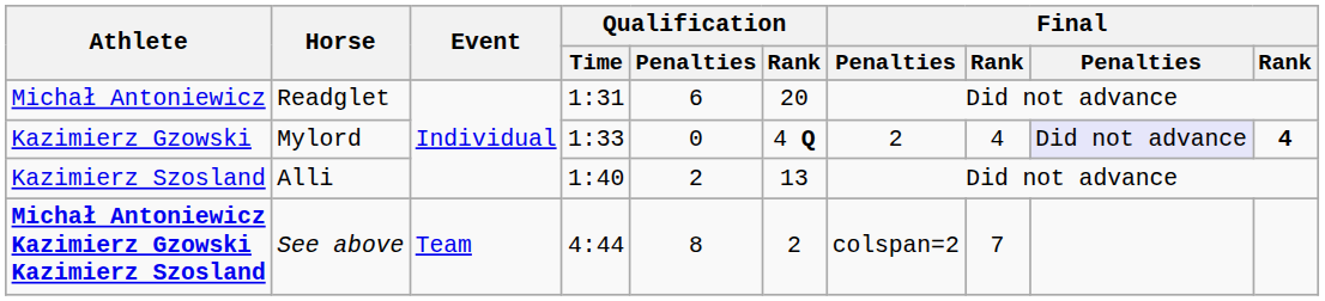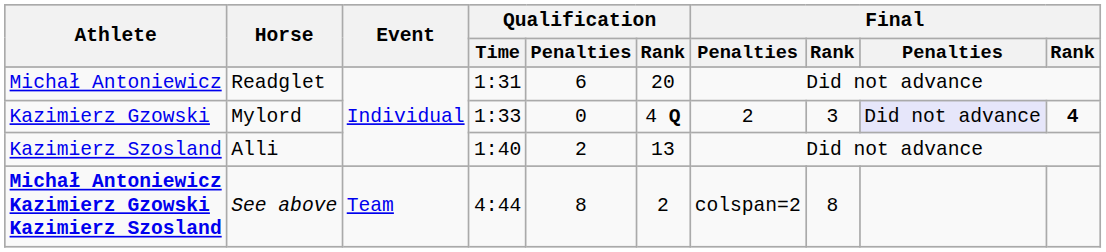 <table class="wikitable" style="font-size:90%">
 <tr>
 <th rowspan="2">Athlete</th>
 <th rowspan="2">Horse</th>
 <th rowspan="2">Event</th>
 <th colspan="3">Qualification</th>
 <th colspan="4">Final</th>
 </tr>
 <tr style="font-size:95%">
 <th>Time</th>
 <th>Penalties</th>
 <th>Rank</th>
 <th>Penalties</th>
 <th>Rank</th>
 <th>Penalties</th>
 <th>Rank</th>
 </tr>
 <tr align=center>
 <td align=left><a href='#'>Michał Antoniewicz</a></td>
 <td align=left>Readglet</td>
 <td align=left rowspan=3><a href='#'>Individual</a></td>
 <td>1:31</td>
 <td>6</td>
 <td>20</td>
 <td colspan=4>Did not advance</td>
 </tr>
 <tr align=center>
 <td align=left><a href='#'>Kazimierz Gzowski</a></td>
 <td align=left>Mylord</td>
 <td>1:33</td>
 <td>0</td>
 <td>4 <strong>Q</strong></td>
 <td>2</td>
-<td>4</td>
+<td>3</td>
 <td colspan=1 style="background: lavender;">Did not advance</td>
 <td><strong>4</strong></td>
 </tr>
 <tr align=center>
 <td align=left><a href='#'>Kazimierz Szosland</a></td>
 <td align=left>Alli</td>
 <td>1:40</td>
 <td>2</td>
 <td>13</td>
 <td colspan=4>Did not advance</td>
 </tr>
 <tr align=center>
 <td align=left><strong><a href='#'>Michał Antoniewicz</a><br><a href='#'>Kazimierz Gzowski</a><br><a href='#'>Kazimierz Szosland</a></strong></td>
 <td align=left><em>See above</em></td>
 <td align=left><a href='#'>Team</a></td>
 <td>4:44</td>
 <td>8</td>
 <td>2</td>
 <td>colspan=2 </td>
-<td>7</td>
+<td>8</td>
 <td></td>
 </tr>
 </table>
